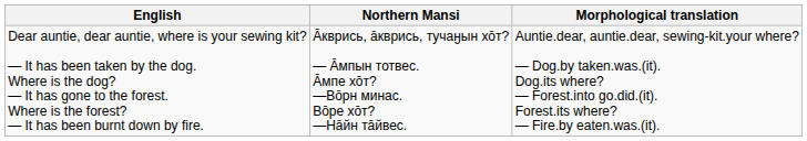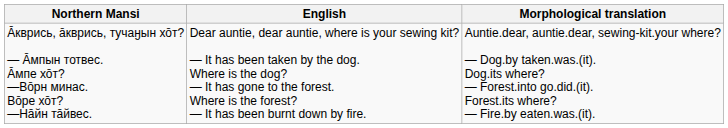 <table class="wikitable">
 <tr>
+<th>Northern Mansi</th>
 <th>English</th>
-<th>Northern Mansi</th>
 <th>Morphological translation</th>
 </tr>
 <tr>
+<td>А̄кврись, а̄кврись, тучаӈын хо̄т? <br><br>— А̄мпын тотвес. <br> А̄мпе хо̄т? <br> —Во̄рн минас. <br> Во̄ре хо̄т? <br> —На̄йн та̄йвес.</td>
 <td>Dear auntie, dear auntie, where is your sewing kit? <br><br>— It has been taken by the dog. <br> Where is the dog? <br> — It has gone to the forest. <br> Where is the forest? <br> — It has been burnt down by fire.</td>
-<td>А̄кврись, а̄кврись, тучаӈын хо̄т? <br><br>— А̄мпын тотвес. <br> А̄мпе хо̄т? <br> —Во̄рн минас. <br> Во̄ре хо̄т? <br> —На̄йн та̄йвес.</td>
 <td>Auntie.dear, auntie.dear, sewing-kit.your where? <br><br>— Dog.by taken.was.(it). <br> Dog.its where? <br> — Forest.into go.did.(it). <br> Forest.its where? <br> — Fire.by eaten.was.(it).</td>
 </tr>
 </table>
